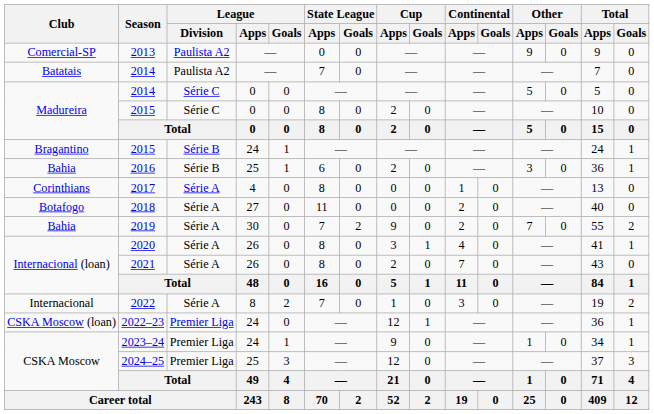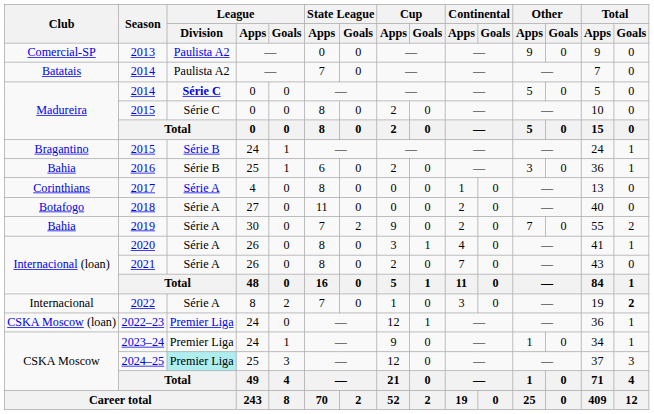 <table class="wikitable" style="text-align: center;">
 <tr>
 <th rowspan="2">Club</th>
 <th rowspan="2">Season</th>
 <th colspan="3">League</th>
 <th colspan="2">State League</th>
 <th colspan="2">Cup</th>
 <th colspan="2">Continental</th>
 <th colspan="2">Other</th>
 <th colspan="2">Total</th>
 </tr>
 <tr>
 <th>Division</th>
 <th>Apps</th>
 <th>Goals</th>
 <th>Apps</th>
 <th>Goals</th>
 <th>Apps</th>
 <th>Goals</th>
 <th>Apps</th>
 <th>Goals</th>
 <th>Apps</th>
 <th>Goals</th>
 <th>Apps</th>
 <th>Goals</th>
 </tr>
 <tr>
 <td><a href='#'>Comercial-SP</a></td>
 <td><a href='#'>2013</a></td>
 <td><a href='#'>Paulista A2</a></td>
 <td colspan="2">—</td>
 <td>0</td>
 <td>0</td>
 <td colspan="2">—</td>
 <td colspan="2">—</td>
 <td>9</td>
 <td>0</td>
 <td>9</td>
 <td>0</td>
 </tr>
 <tr>
 <td><a href='#'>Batatais</a></td>
 <td><a href='#'>2014</a></td>
 <td>Paulista A2</td>
 <td colspan="2">—</td>
 <td>7</td>
 <td>0</td>
 <td colspan="2">—</td>
 <td colspan="2">—</td>
 <td colspan="2">—</td>
 <td>7</td>
 <td>0</td>
 </tr>
 <tr>
 <td rowspan="3"><a href='#'>Madureira</a></td>
 <td><a href='#'>2014</a></td>
-<td><a href='#'>Série C</a></td>
+<td><strong><a href='#'>Série C</a></strong></td>
 <td>0</td>
 <td>0</td>
 <td colspan="2">—</td>
 <td colspan="2">—</td>
 <td colspan="2">—</td>
 <td>5</td>
 <td>0</td>
 <td>5</td>
 <td>0</td>
 </tr>
 <tr>
 <td><a href='#'>2015</a></td>
 <td>Série C</td>
 <td>0</td>
 <td>0</td>
 <td>8</td>
 <td>0</td>
 <td>2</td>
 <td>0</td>
 <td colspan="2">—</td>
 <td colspan="2">—</td>
 <td>10</td>
 <td>0</td>
 </tr>
 <tr>
 <th colspan="2">Total</th>
 <th>0</th>
 <th>0</th>
 <th>8</th>
 <th>0</th>
 <th>2</th>
 <th>0</th>
 <th colspan="2">—</th>
 <th>5</th>
 <th>0</th>
 <th>15</th>
 <th>0</th>
 </tr>
 <tr>
 <td><a href='#'>Bragantino</a></td>
 <td><a href='#'>2015</a></td>
 <td><a href='#'>Série B</a></td>
 <td>24</td>
 <td>1</td>
 <td colspan="2">—</td>
 <td colspan="2">—</td>
 <td colspan="2">—</td>
 <td colspan="2">—</td>
 <td>24</td>
 <td>1</td>
 </tr>
 <tr>
 <td><a href='#'>Bahia</a></td>
 <td><a href='#'>2016</a></td>
 <td>Série B</td>
 <td>25</td>
 <td>1</td>
 <td>6</td>
 <td>0</td>
 <td>2</td>
 <td>0</td>
 <td colspan="2">—</td>
 <td>3</td>
 <td>0</td>
 <td>36</td>
 <td>1</td>
 </tr>
 <tr>
 <td><a href='#'>Corinthians</a></td>
 <td><a href='#'>2017</a></td>
 <td><a href='#'>Série A</a></td>
 <td>4</td>
 <td>0</td>
 <td>8</td>
 <td>0</td>
 <td>0</td>
 <td>0</td>
 <td>1</td>
 <td>0</td>
 <td colspan="2">—</td>
 <td>13</td>
 <td>0</td>
 </tr>
 <tr>
 <td><a href='#'>Botafogo</a></td>
 <td><a href='#'>2018</a></td>
 <td>Série A</td>
 <td>27</td>
 <td>0</td>
 <td>11</td>
 <td>0</td>
 <td>0</td>
 <td>0</td>
 <td>2</td>
 <td>0</td>
 <td colspan="2">—</td>
 <td>40</td>
 <td>0</td>
 </tr>
 <tr>
 <td><a href='#'>Bahia</a></td>
 <td><a href='#'>2019</a></td>
 <td>Série A</td>
 <td>30</td>
 <td>0</td>
 <td>7</td>
 <td>2</td>
 <td>9</td>
 <td>0</td>
 <td>2</td>
 <td>0</td>
 <td>7</td>
 <td>0</td>
 <td>55</td>
 <td>2</td>
 </tr>
 <tr>
 <td rowspan="3"><a href='#'>Internacional</a> (loan)</td>
 <td><a href='#'>2020</a></td>
 <td>Série A</td>
 <td>26</td>
 <td>0</td>
 <td>8</td>
 <td>0</td>
 <td>3</td>
 <td>1</td>
 <td>4</td>
 <td>0</td>
 <td colspan="2">—</td>
 <td>41</td>
 <td>1</td>
 </tr>
 <tr>
 <td><a href='#'>2021</a></td>
 <td>Série A</td>
 <td>26</td>
 <td>0</td>
 <td>8</td>
 <td>0</td>
 <td>2</td>
 <td>0</td>
 <td>7</td>
 <td>0</td>
 <td colspan="2">—</td>
 <td>43</td>
 <td>0</td>
 </tr>
 <tr>
 <th colspan="2">Total</th>
 <th>48</th>
 <th>0</th>
 <th>16</th>
 <th>0</th>
 <th>5</th>
 <th>1</th>
 <th>11</th>
 <th>0</th>
 <th colspan="2">—</th>
 <th>84</th>
 <th>1</th>
 </tr>
 <tr>
 <td>Internacional</td>
 <td><a href='#'>2022</a></td>
 <td>Série A</td>
 <td>8</td>
 <td>2</td>
 <td>7</td>
 <td>0</td>
 <td>1</td>
 <td>0</td>
 <td>3</td>
 <td>0</td>
 <td colspan="2">—</td>
 <td>19</td>
-<td>2</td>
+<td><strong>2</strong></td>
 </tr>
 <tr>
 <td><a href='#'>CSKA Moscow</a> (loan)</td>
 <td><a href='#'>2022–23</a></td>
 <td><a href='#'>Premier Liga</a></td>
 <td>24</td>
 <td>0</td>
 <td colspan="2">—</td>
 <td>12</td>
 <td>1</td>
 <td colspan="2">—</td>
 <td colspan="2">—</td>
 <td>36</td>
 <td>1</td>
 </tr>
 <tr>
 <td rowspan="3">CSKA Moscow</td>
 <td><a href='#'>2023–24</a></td>
 <td>Premier Liga</td>
 <td>24</td>
 <td>1</td>
 <td colspan="2">—</td>
 <td>9</td>
 <td>0</td>
 <td colspan="2">—</td>
 <td>1</td>
 <td>0</td>
 <td>34</td>
 <td>1</td>
 </tr>
 <tr>
 <td><a href='#'>2024–25</a></td>
-<td>Premier Liga</td>
+<td style="background: paleturquoise;">Premier Liga</td>
 <td>25</td>
 <td>3</td>
 <td colspan="2">—</td>
 <td>12</td>
 <td>0</td>
 <td colspan="2">—</td>
 <td colspan="2">—</td>
 <td>37</td>
 <td>3</td>
 </tr>
 <tr>
 <th colspan="2">Total</th>
 <th>49</th>
 <th>4</th>
 <th colspan="2">—</th>
 <th>21</th>
 <th>0</th>
 <th colspan="2">—</th>
 <th>1</th>
 <th>0</th>
 <th>71</th>
 <th>4</th>
 </tr>
 <tr>
 <th colspan="3">Career total</th>
 <th>243</th>
 <th>8</th>
 <th>70</th>
 <th>2</th>
 <th>52</th>
 <th>2</th>
 <th>19</th>
 <th>0</th>
 <th>25</th>
 <th>0</th>
 <th>409</th>
 <th>12</th>
 </tr>
 </table>
